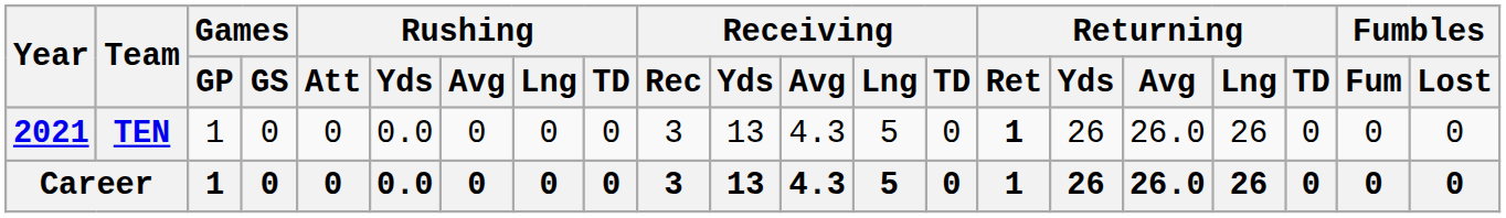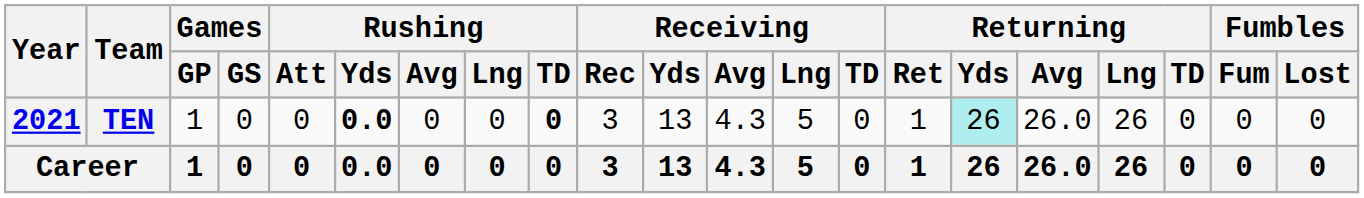 <table class="wikitable" style="text-align: center;">
 <tr>
 <th rowspan="2">Year</th>
 <th rowspan="2">Team</th>
 <th colspan="2">Games</th>
 <th colspan="5">Rushing</th>
 <th colspan="5">Receiving</th>
 <th colspan="5">Returning</th>
 <th colspan="2">Fumbles</th>
 </tr>
 <tr>
 <th>GP</th>
 <th>GS</th>
 <th>Att</th>
 <th>Yds</th>
 <th>Avg</th>
 <th>Lng</th>
 <th>TD</th>
 <th>Rec</th>
 <th>Yds</th>
 <th>Avg</th>
 <th>Lng</th>
 <th>TD</th>
 <th>Ret</th>
 <th>Yds</th>
 <th>Avg</th>
 <th>Lng</th>
 <th>TD</th>
 <th>Fum</th>
 <th>Lost</th>
 </tr>
 <tr>
 <th><a href='#'>2021</a></th>
 <th><a href='#'>TEN</a></th>
 <td>1</td>
 <td>0</td>
 <td>0</td>
-<td>0.0</td>
+<td><strong>0.0</strong></td>
 <td>0</td>
 <td>0</td>
-<td>0</td>
+<td><strong>0</strong></td>
 <td>3</td>
 <td>13</td>
 <td>4.3</td>
 <td>5</td>
 <td>0</td>
-<td><strong>1</strong></td>
-<td>26</td>
+<td>1</td>
+<td style="background: paleturquoise;">26</td>
 <td>26.0</td>
 <td>26</td>
 <td>0</td>
 <td>0</td>
 <td>0</td>
 </tr>
 <tr>
 <th colspan="2">Career</th>
 <th>1</th>
 <th>0</th>
 <th>0</th>
 <th>0.0</th>
 <th>0</th>
 <th>0</th>
 <th>0</th>
 <th>3</th>
 <th>13</th>
 <th>4.3</th>
 <th>5</th>
 <th>0</th>
 <th>1</th>
 <th>26</th>
 <th>26.0</th>
 <th>26</th>
 <th>0</th>
 <th>0</th>
 <th>0</th>
 </tr>
 </table>
